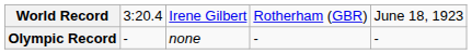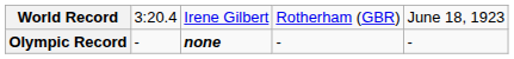 <table class="wikitable" style="font-size:95%;">
 <tr>
 <th>World Record</th>
 <td>3:20.4</td>
 <td> <a href='#'>Irene Gilbert</a></td>
 <td><a href='#'>Rotherham</a> (<a href='#'>GBR</a>)</td>
 <td>June 18, 1923</td>
 </tr>
 <tr>
 <th>Olympic Record</th>
 <td>-</td>
-<td><em>none</em></td>
+<td><strong><em>none</em></strong></td>
 <td>-</td>
 <td>-</td>
 </tr>
 </table>
